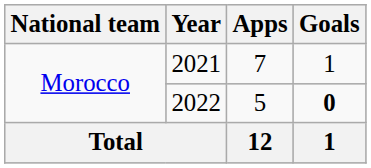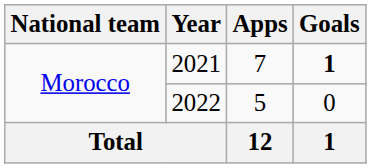 <table class=wikitable style=text-align:center>
 <tr>
 <th>National team</th>
 <th>Year</th>
 <th>Apps</th>
 <th>Goals</th>
 </tr>
 <tr>
 <td rowspan="2"><a href='#'>Morocco</a></td>
 <td>2021</td>
 <td>7</td>
-<td>1</td>
+<td><strong>1</strong></td>
 </tr>
 <tr>
 <td>2022</td>
 <td>5</td>
-<td><strong>0</strong></td>
+<td>0</td>
 </tr>
 <tr>
 <th colspan=2>Total</th>
 <th>12</th>
 <th>1</th>
 </tr>
 </table>
